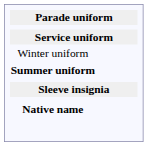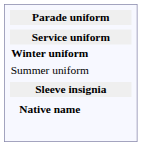 <table style="border:1px solid #8888aa; background-color:#f7f8ff; padding:5px; font-size:95%; margin: 0px 12px 12px 0px;">
 <tr style="background:#efefef;">
 <th colspan=38>Parade uniform</th>
 </tr>
 <tr style="text-align:center;">
 <td></td>
 <td colspan=2></td>
 <td colspan=1></td>
 <td colspan=1></td>
 <td colspan=2></td>
 <td colspan=2></td>
 <td colspan=2></td>
 <td colspan=2></td>
 <td colspan=2></td>
 <td colspan=2></td>
 <td colspan=2></td>
 <td colspan=2></td>
 <td colspan=2></td>
 <td colspan=2></td>
 </tr>
 <tr style="background:#efefef;">
 <th colspan=38>Service uniform</th>
 </tr>
 <tr style="text-align:center;">
-<td>Winter uniform</td>
+<td><strong>Winter uniform</strong></td>
 <td colspan=2></td>
 <td colspan=1></td>
 <td colspan=1></td>
 <td colspan=2></td>
 <td colspan=2></td>
 <td colspan=2></td>
 <td colspan=2></td>
 <td colspan=2></td>
 <td colspan=2></td>
 <td colspan=2></td>
 <td colspan=2></td>
 <td colspan=2></td>
 <td colspan=2></td>
 </tr>
 <tr style="text-align:center;">
-<td><strong>Summer uniform</strong></td>
+<td>Summer uniform</td>
 <td colspan=2></td>
 <td colspan=1></td>
 <td colspan=1></td>
 <td colspan=2></td>
 <td colspan=2></td>
 <td colspan=2></td>
 <td colspan=2></td>
 <td colspan=2></td>
 <td colspan=2></td>
 <td colspan=2></td>
 <td colspan=2></td>
 <td colspan=2></td>
 <td colspan=2></td>
 </tr>
 <tr style="text-align:center;">
 <td></td>
 <td colspan=2></td>
 <td></td>
 <td></td>
 </tr>
 <tr style="background:#efefef;">
 <th colspan=38>Sleeve insignia</th>
 </tr>
 <tr style="text-align:center;">
 <td></td>
 <td colspan=2></td>
 <td colspan=2></td>
 <td colspan=2></td>
 <td colspan=2></td>
 <td colspan=2></td>
 <td colspan=2></td>
 <td colspan=2></td>
 <td colspan=2></td>
 <td colspan=2></td>
 <td colspan=2></td>
 <td colspan=2></td>
 <td colspan=2></td>
 </tr>
 <tr style="text-align:center;">
 <th>Native name</th>
 <td colspan=2></td>
 <td colspan=2><br></td>
 <td colspan=2><br></td>
 <td colspan=2><br></td>
 <td colspan=2><br></td>
 <td colspan=2><br></td>
 <td colspan=2><br></td>
 <td colspan=2><br></td>
 <td colspan=2><br></td>
 <td colspan=2><br></td>
 <td colspan=2><br></td>
 <td colspan=2><br></td>
 <td colspan=12><br></td>
 </tr>
 <tr style="text-align:center;">
 <th colspan=38></th>
 </tr>
 <tr style="text-align:center;">
 <td></td>
 <td colspan=4></td>
 <td colspan=2><br></td>
 <td colspan=2><br></td>
 <td colspan=2><br></td>
 <td colspan=2><br></td>
 <td colspan=2><br></td>
 <td colspan=2><br></td>
 <td colspan=2><br></td>
 <td colspan=2><br></td>
 <td colspan=2><br></td>
 <td colspan=2><br></td>
 <td colspan=12><br></td>
 </tr>
 </table>
